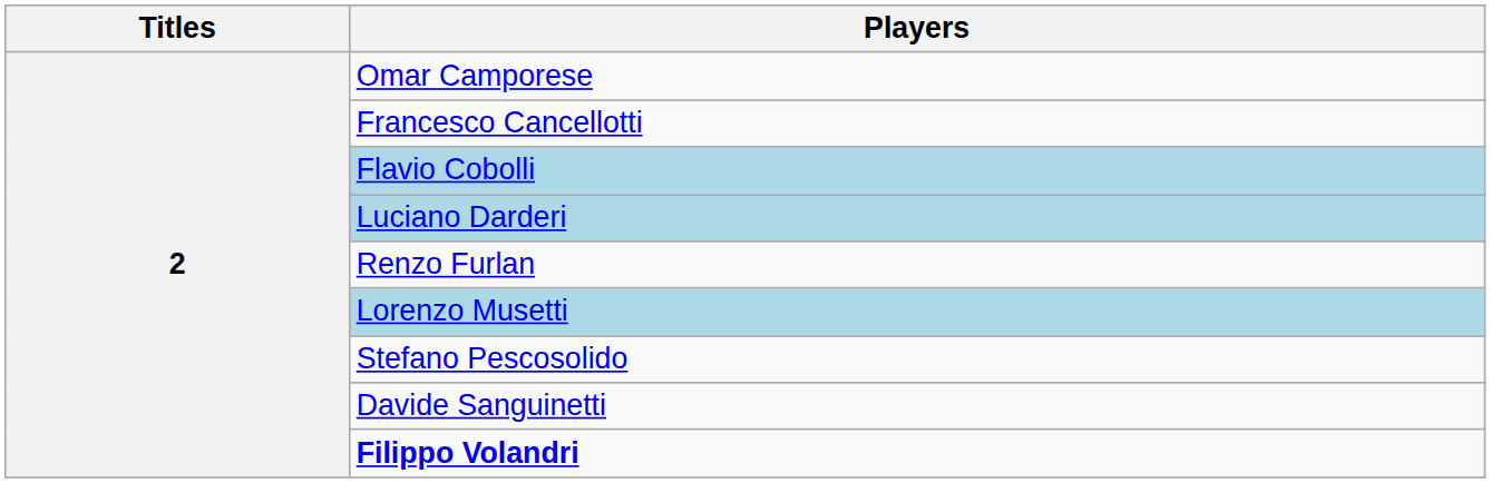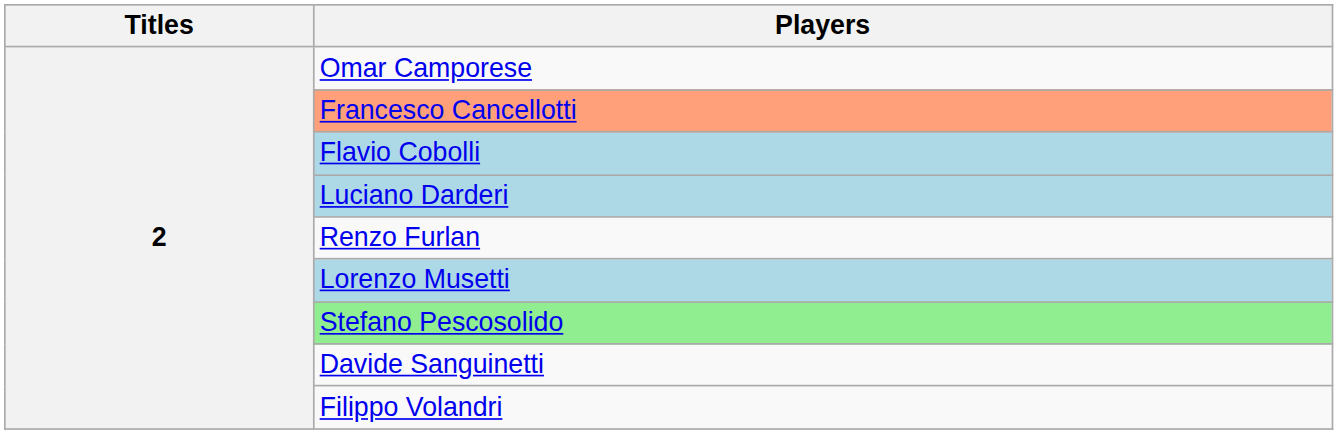 <table class="wikitable" width=90% style="font-size:100%; text-align:left;">
 <tr>
 <th>Titles</th>
 <th>Players</th>
 </tr>
 <tr>
 <th rowspan=9>2</th>
 <td><a href='#'>Omar Camporese</a></td>
 </tr>
 <tr>
-<td><a href='#'>Francesco Cancellotti</a></td>
+<td style="background: lightsalmon;"><a href='#'>Francesco Cancellotti</a></td>
 </tr>
 <tr>
 <td bgcolor=lightblue><a href='#'>Flavio Cobolli</a></td>
 </tr>
 <tr>
 <td bgcolor=lightblue><a href='#'>Luciano Darderi</a></td>
 </tr>
 <tr>
 <td><a href='#'>Renzo Furlan</a></td>
 </tr>
 <tr>
 <td bgcolor=lightblue><a href='#'>Lorenzo Musetti</a></td>
 </tr>
 <tr>
-<td><a href='#'>Stefano Pescosolido</a></td>
+<td style="background: lightgreen;"><a href='#'>Stefano Pescosolido</a></td>
 </tr>
 <tr>
 <td><a href='#'>Davide Sanguinetti</a></td>
 </tr>
 <tr>
-<td><strong><a href='#'>Filippo Volandri</a></strong></td>
+<td><a href='#'>Filippo Volandri</a></td>
 </tr>
 </table>
